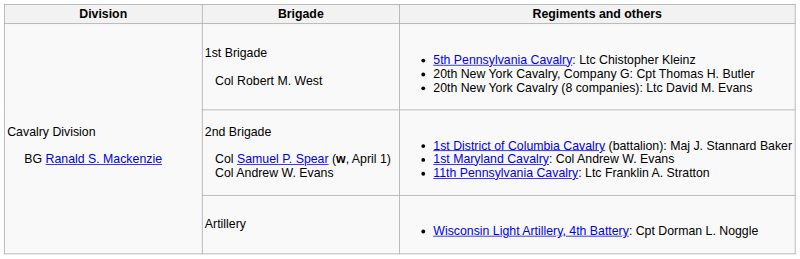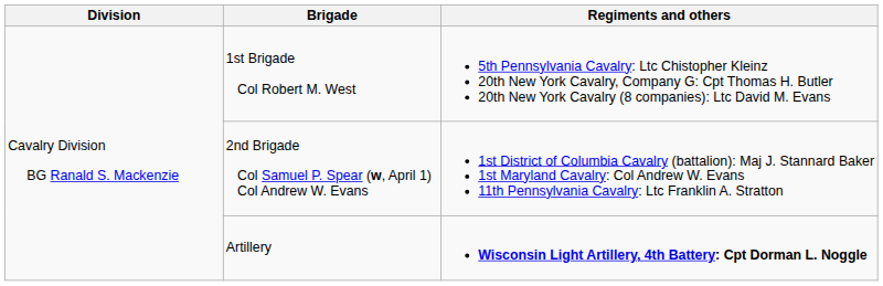 <table class="wikitable">
 <tr>
 <th style="width:25%;">Division</th>
 <th style="width:25%;">Brigade</th>
 <th>Regiments and others</th>
 </tr>
 <tr>
 <td rowspan=3><br>Cavalry Division<br><br>     BG <a href='#'>Ranald S. Mackenzie</a></td>
 <td>1st Brigade<br><br>   Col Robert M. West</td>
 <td><br><ul><li><a href='#'>5th Pennsylvania Cavalry</a>: Ltc Chistopher Kleinz</li><li>20th New York Cavalry, Company G: Cpt Thomas H. Butler</li><li>20th New York Cavalry (8 companies): Ltc David M. Evans</li></ul></td>
 </tr>
 <tr>
 <td>2nd Brigade<br><br>   Col <a href='#'>Samuel P. Spear</a> (<strong>w</strong>, April 1) <br>   Col Andrew W. Evans</td>
 <td><br><ul><li><a href='#'>1st District of Columbia Cavalry</a> (battalion): Maj J. Stannard Baker</li><li><a href='#'>1st Maryland Cavalry</a>: Col Andrew W. Evans</li><li><a href='#'>11th Pennsylvania Cavalry</a>: Ltc Franklin A. Stratton</li></ul></td>
 </tr>
 <tr>
 <td>Artillery</td>
-<td><br><ul><li><a href='#'>Wisconsin Light Artillery, 4th Battery</a>: Cpt Dorman L. Noggle</li></ul></td>
+<td><strong><br><ul><li><a href='#'>Wisconsin Light Artillery, 4th Battery</a>: Cpt Dorman L. Noggle</li></ul></strong></td>
 </tr>
 </table>
